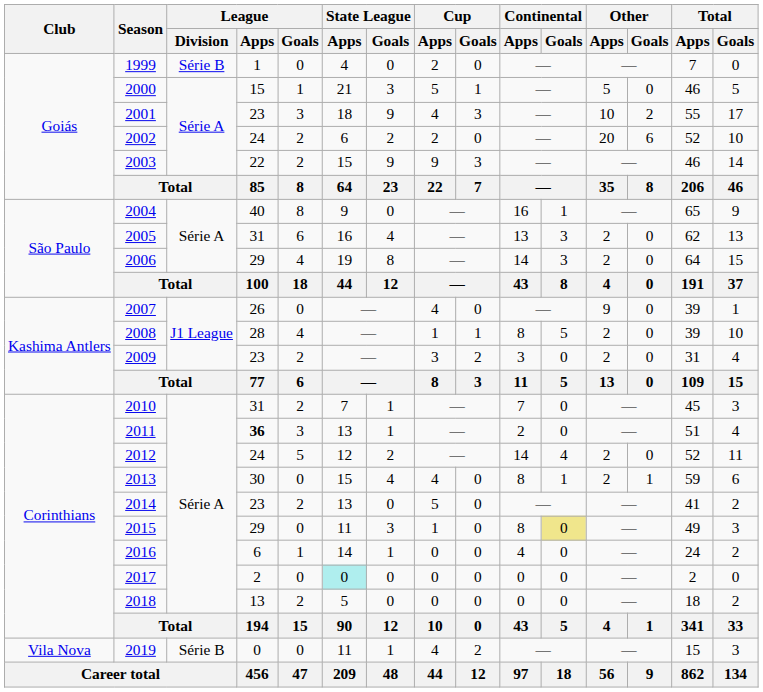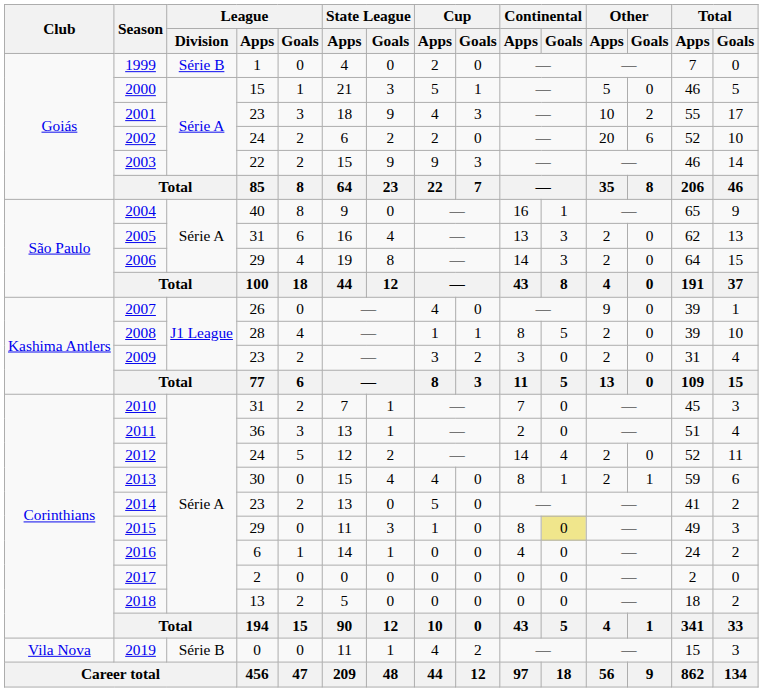 <table class="wikitable" style="text-align: center;">
 <tr>
 <th rowspan="2">Club</th>
 <th rowspan="2">Season</th>
 <th colspan="3">League</th>
 <th colspan="2">State League</th>
 <th colspan="2">Cup</th>
 <th colspan="2">Continental</th>
 <th colspan="2">Other</th>
 <th colspan="2">Total</th>
 </tr>
 <tr>
 <th>Division</th>
 <th>Apps</th>
 <th>Goals</th>
 <th>Apps</th>
 <th>Goals</th>
 <th>Apps</th>
 <th>Goals</th>
 <th>Apps</th>
 <th>Goals</th>
 <th>Apps</th>
 <th>Goals</th>
 <th>Apps</th>
 <th>Goals</th>
 </tr>
 <tr>
 <td rowspan="6" valign="center"><a href='#'>Goiás</a></td>
 <td><a href='#'>1999</a></td>
 <td><a href='#'>Série B</a></td>
 <td>1</td>
 <td>0</td>
 <td>4</td>
 <td>0</td>
 <td>2</td>
 <td>0</td>
 <td colspan="2">—</td>
 <td colspan="2">—</td>
 <td>7</td>
 <td>0</td>
 </tr>
 <tr>
 <td><a href='#'>2000</a></td>
 <td rowspan="4"><a href='#'>Série A</a></td>
 <td>15</td>
 <td>1</td>
 <td>21</td>
 <td>3</td>
 <td>5</td>
 <td>1</td>
 <td colspan="2">—</td>
 <td>5</td>
 <td>0</td>
 <td>46</td>
 <td>5</td>
 </tr>
 <tr>
 <td><a href='#'>2001</a></td>
 <td>23</td>
 <td>3</td>
 <td>18</td>
 <td>9</td>
 <td>4</td>
 <td>3</td>
 <td colspan="2">—</td>
 <td>10</td>
 <td>2</td>
 <td>55</td>
 <td>17</td>
 </tr>
 <tr>
 <td><a href='#'>2002</a></td>
 <td>24</td>
 <td>2</td>
 <td>6</td>
 <td>2</td>
 <td>2</td>
 <td>0</td>
 <td colspan="2">—</td>
 <td>20</td>
 <td>6</td>
 <td>52</td>
 <td>10</td>
 </tr>
 <tr>
 <td><a href='#'>2003</a></td>
 <td>22</td>
 <td>2</td>
 <td>15</td>
 <td>9</td>
 <td>9</td>
 <td>3</td>
 <td colspan="2">—</td>
 <td colspan="2">—</td>
 <td>46</td>
 <td>14</td>
 </tr>
 <tr>
 <th colspan="2">Total</th>
 <th>85</th>
 <th>8</th>
 <th>64</th>
 <th>23</th>
 <th>22</th>
 <th>7</th>
 <th colspan="2">—</th>
 <th>35</th>
 <th>8</th>
 <th>206</th>
 <th>46</th>
 </tr>
 <tr>
 <td rowspan="4" valign="center"><a href='#'>São Paulo</a></td>
 <td><a href='#'>2004</a></td>
 <td rowspan="3">Série A</td>
 <td>40</td>
 <td>8</td>
 <td>9</td>
 <td>0</td>
 <td colspan="2">—</td>
 <td>16</td>
 <td>1</td>
 <td colspan="2">—</td>
 <td>65</td>
 <td>9</td>
 </tr>
 <tr>
 <td><a href='#'>2005</a></td>
 <td>31</td>
 <td>6</td>
 <td>16</td>
 <td>4</td>
 <td colspan="2">—</td>
 <td>13</td>
 <td>3</td>
 <td>2</td>
 <td>0</td>
 <td>62</td>
 <td>13</td>
 </tr>
 <tr>
 <td><a href='#'>2006</a></td>
 <td>29</td>
 <td>4</td>
 <td>19</td>
 <td>8</td>
 <td colspan="2">—</td>
 <td>14</td>
 <td>3</td>
 <td>2</td>
 <td>0</td>
 <td>64</td>
 <td>15</td>
 </tr>
 <tr>
 <th colspan="2">Total</th>
 <th>100</th>
 <th>18</th>
 <th>44</th>
 <th>12</th>
 <th colspan="2">—</th>
 <th>43</th>
 <th>8</th>
 <th>4</th>
 <th>0</th>
 <th>191</th>
 <th>37</th>
 </tr>
 <tr>
 <td rowspan="4" valign="center"><a href='#'>Kashima Antlers</a></td>
 <td><a href='#'>2007</a></td>
 <td rowspan="3"><a href='#'>J1 League</a></td>
 <td>26</td>
 <td>0</td>
 <td colspan="2">—</td>
 <td>4</td>
 <td>0</td>
 <td colspan="2">—</td>
 <td>9</td>
 <td>0</td>
 <td>39</td>
 <td>1</td>
 </tr>
 <tr>
 <td><a href='#'>2008</a></td>
 <td>28</td>
 <td>4</td>
 <td colspan="2">—</td>
 <td>1</td>
 <td>1</td>
 <td>8</td>
 <td>5</td>
 <td>2</td>
 <td>0</td>
 <td>39</td>
 <td>10</td>
 </tr>
 <tr>
 <td><a href='#'>2009</a></td>
 <td>23</td>
 <td>2</td>
 <td colspan="2">—</td>
 <td>3</td>
 <td>2</td>
 <td>3</td>
 <td>0</td>
 <td>2</td>
 <td>0</td>
 <td>31</td>
 <td>4</td>
 </tr>
 <tr>
 <th colspan="2">Total</th>
 <th>77</th>
 <th>6</th>
 <th colspan="2">—</th>
 <th>8</th>
 <th>3</th>
 <th>11</th>
 <th>5</th>
 <th>13</th>
 <th>0</th>
 <th>109</th>
 <th>15</th>
 </tr>
 <tr>
 <td rowspan="10" valign="center"><a href='#'>Corinthians</a></td>
 <td><a href='#'>2010</a></td>
 <td rowspan="9">Série A</td>
 <td>31</td>
 <td>2</td>
 <td>7</td>
 <td>1</td>
 <td colspan="2">—</td>
 <td>7</td>
 <td>0</td>
 <td colspan="2">—</td>
 <td>45</td>
 <td>3</td>
 </tr>
 <tr>
 <td><a href='#'>2011</a></td>
-<td><strong>36</strong></td>
+<td>36</td>
 <td>3</td>
 <td>13</td>
 <td>1</td>
 <td colspan="2">—</td>
 <td>2</td>
 <td>0</td>
 <td colspan="2">—</td>
 <td>51</td>
 <td>4</td>
 </tr>
 <tr>
 <td><a href='#'>2012</a></td>
 <td>24</td>
 <td>5</td>
 <td>12</td>
 <td>2</td>
 <td colspan="2">—</td>
 <td>14</td>
 <td>4</td>
 <td>2</td>
 <td>0</td>
 <td>52</td>
 <td>11</td>
 </tr>
 <tr>
 <td><a href='#'>2013</a></td>
 <td>30</td>
 <td>0</td>
 <td>15</td>
 <td>4</td>
 <td>4</td>
 <td>0</td>
 <td>8</td>
 <td>1</td>
 <td>2</td>
 <td>1</td>
 <td>59</td>
 <td>6</td>
 </tr>
 <tr>
 <td><a href='#'>2014</a></td>
 <td>23</td>
 <td>2</td>
 <td>13</td>
 <td>0</td>
 <td>5</td>
 <td>0</td>
 <td colspan="2">—</td>
 <td colspan="2">—</td>
 <td>41</td>
 <td>2</td>
 </tr>
 <tr>
 <td><a href='#'>2015</a></td>
 <td>29</td>
 <td>0</td>
 <td>11</td>
 <td>3</td>
 <td>1</td>
 <td>0</td>
 <td>8</td>
 <td style="background: khaki;">0</td>
 <td colspan="2">—</td>
 <td>49</td>
 <td>3</td>
 </tr>
 <tr>
 <td><a href='#'>2016</a></td>
 <td>6</td>
 <td>1</td>
 <td>14</td>
 <td>1</td>
 <td>0</td>
 <td>0</td>
 <td>4</td>
 <td>0</td>
 <td colspan="2">—</td>
 <td>24</td>
 <td>2</td>
 </tr>
 <tr>
 <td><a href='#'>2017</a></td>
 <td>2</td>
 <td>0</td>
-<td style="background: paleturquoise;">0</td>
+<td>0</td>
 <td>0</td>
 <td>0</td>
 <td>0</td>
 <td>0</td>
 <td>0</td>
 <td colspan="2">—</td>
 <td>2</td>
 <td>0</td>
 </tr>
 <tr>
 <td><a href='#'>2018</a></td>
 <td>13</td>
 <td>2</td>
 <td>5</td>
 <td>0</td>
 <td>0</td>
 <td>0</td>
 <td>0</td>
 <td>0</td>
 <td colspan="2">—</td>
 <td>18</td>
 <td>2</td>
 </tr>
 <tr>
 <th colspan="2">Total</th>
 <th>194</th>
 <th>15</th>
 <th>90</th>
 <th>12</th>
 <th>10</th>
 <th>0</th>
 <th>43</th>
 <th>5</th>
 <th>4</th>
 <th>1</th>
 <th>341</th>
 <th>33</th>
 </tr>
 <tr>
 <td valign="center"><a href='#'>Vila Nova</a></td>
 <td><a href='#'>2019</a></td>
 <td>Série B</td>
 <td>0</td>
 <td>0</td>
 <td>11</td>
 <td>1</td>
 <td>4</td>
 <td>2</td>
 <td colspan="2">—</td>
 <td colspan="2">—</td>
 <td>15</td>
 <td>3</td>
 </tr>
 <tr>
 <th colspan="3"><strong>Career total</strong></th>
 <th>456</th>
 <th>47</th>
 <th>209</th>
 <th>48</th>
 <th>44</th>
 <th>12</th>
 <th>97</th>
 <th>18</th>
 <th>56</th>
 <th>9</th>
 <th>862</th>
 <th>134</th>
 </tr>
 </table>
